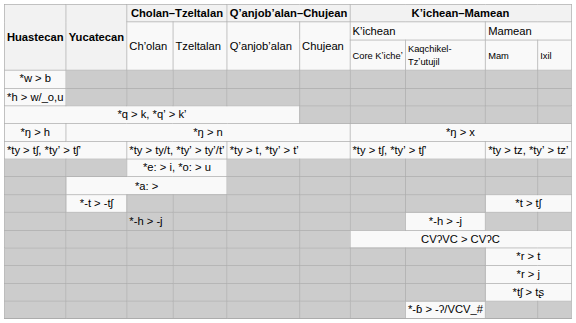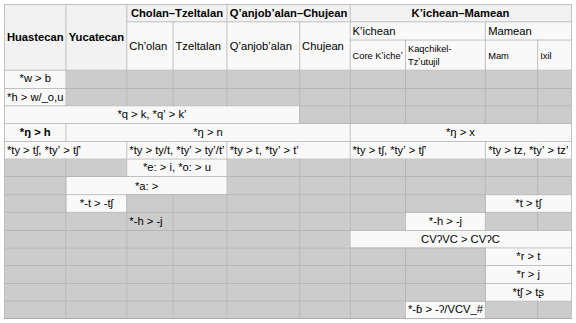 <table class="wikitable">
 <tr>
 <th rowspan="3">Huastecan</th>
 <th rowspan="3">Yucatecan</th>
 <th colspan="2">Cholan–Tzeltalan</th>
 <th colspan="2">Qʼanjobʼalan–Chujean</th>
 <th colspan="4">Kʼichean–Mamean</th>
 </tr>
 <tr>
 <td rowspan="2">Chʼolan</td>
 <td rowspan="2">Tzeltalan</td>
 <td rowspan="2">Qʼanjobʼalan</td>
 <td rowspan="2">Chujean</td>
 <td colspan="2">Kʼichean</td>
 <td colspan="2">Mamean</td>
 </tr>
 <tr>
 <td><small>Core Kʼicheʼ </small></td>
 <td><small>Kaqchikel-<br>Tzʼutujil</small></td>
 <td><small>Mam</small></td>
 <td><small>Ixil</small></td>
 </tr>
 <tr>
 <td align="center">*w > b</td>
 <td style="background:#ccc"></td>
 <td style="background:#ccc"></td>
 <td style="background:#ccc"></td>
 <td style="background:#ccc"></td>
 <td style="background:#ccc"></td>
 <td style="background:#ccc"></td>
 <td style="background:#ccc"></td>
 <td style="background:#ccc"></td>
 <td style="background:#ccc"></td>
 </tr>
 <tr>
 <td align="center">*h > w/_o,u</td>
 <td style="background:#ccc"></td>
 <td style="background:#ccc"></td>
 <td style="background:#ccc"></td>
 <td style="background:#ccc"></td>
 <td style="background:#ccc"></td>
 <td style="background:#ccc"></td>
 <td style="background:#ccc"></td>
 <td style="background:#ccc"></td>
 <td style="background:#ccc"></td>
 </tr>
 <tr>
 <td align="center" colspan="5">*q > k, *qʼ > kʼ</td>
 <td style="background:#ccc"></td>
 <td style="background:#ccc"></td>
 <td style="background:#ccc"></td>
 <td style="background:#ccc"></td>
 <td style="background:#ccc"></td>
 </tr>
 <tr>
-<td align="center">*ŋ > h</td>
+<td align="center"><strong>*ŋ > h</strong></td>
 <td align="center" colspan="5">*ŋ > n</td>
 <td align="center" colspan="4">*ŋ > x</td>
 </tr>
 <tr>
 <td colspan="2">*ty > tʃ, *tyʼ > tʃʼ</td>
 <td colspan="2">*ty > ty/t, *tyʼ > tyʼ/tʼ</td>
 <td colspan="2">*ty > t, *tyʼ > tʼ</td>
 <td colspan="2">*ty > tʃ, *tyʼ > tʃʼ</td>
 <td colspan="2">*ty > tz, *tyʼ > tzʼ</td>
 </tr>
 <tr>
 <td style="background:#ccc"></td>
 <td style="background:#ccc"></td>
 <td align="center" colspan="2">*e: > i, *o: > u</td>
 <td style="background:#ccc"></td>
 <td style="background:#ccc"></td>
 <td style="background:#ccc"></td>
 <td style="background:#ccc"></td>
 <td style="background:#ccc"></td>
 <td style="background:#ccc"></td>
 </tr>
 <tr>
 <td style="background:#ccc"></td>
 <td align="center" colspan="3">*a: > </td>
 <td style="background:#ccc"></td>
 <td style="background:#ccc"></td>
 <td style="background:#ccc"></td>
 <td style="background:#ccc"></td>
 <td style="background:#ccc"></td>
 <td style="background:#ccc"></td>
 </tr>
 <tr>
 <td style="background:#ccc"></td>
 <td align="center">*-t > -tʃ</td>
 <td style="background:#ccc"></td>
 <td style="background:#ccc"></td>
 <td style="background:#ccc"></td>
 <td style="background:#ccc"></td>
 <td style="background:#ccc"></td>
 <td style="background:#ccc"></td>
 <td align="center" colspan="2">*t > tʃ</td>
 </tr>
 <tr>
 <td style="background:#ccc"></td>
 <td style="background:#ccc"></td>
 <td style="background:#ccc">*-h > -j</td>
 <td style="background:#ccc"></td>
 <td style="background:#ccc"></td>
 <td style="background:#ccc"></td>
 <td style="background:#ccc"></td>
 <td align="center">*-h > -j</td>
 <td style="background:#ccc"></td>
 <td style="background:#ccc"></td>
 </tr>
 <tr>
 <td style="background:#ccc"></td>
 <td style="background:#ccc"></td>
 <td style="background:#ccc"></td>
 <td style="background:#ccc"></td>
 <td style="background:#ccc"></td>
 <td style="background:#ccc"></td>
 <td align="center" colspan="4">CVʔVC > CVʔC</td>
 </tr>
 <tr>
 <td style="background:#ccc"></td>
 <td style="background:#ccc"></td>
 <td style="background:#ccc"></td>
 <td style="background:#ccc"></td>
 <td style="background:#ccc"></td>
 <td style="background:#ccc"></td>
 <td style="background:#ccc"></td>
 <td style="background:#ccc"></td>
 <td align="center" colspan="2">*r > t</td>
 </tr>
 <tr>
 <td style="background:#ccc"></td>
 <td style="background:#ccc"></td>
 <td style="background:#ccc"></td>
 <td style="background:#ccc"></td>
 <td style="background:#ccc"></td>
 <td style="background:#ccc"></td>
 <td style="background:#ccc"></td>
 <td style="background:#ccc"></td>
 <td align="center" colspan="2">*r > j</td>
 </tr>
 <tr>
 <td style="background:#ccc"></td>
 <td style="background:#ccc"></td>
 <td style="background:#ccc"></td>
 <td style="background:#ccc"></td>
 <td style="background:#ccc"></td>
 <td style="background:#ccc"></td>
 <td style="background:#ccc"></td>
 <td style="background:#ccc"></td>
 <td align="center" colspan="2">*tʃ > tʂ</td>
 </tr>
 <tr>
 <td style="background:#ccc"></td>
 <td style="background:#ccc"></td>
 <td style="background:#ccc"></td>
 <td style="background:#ccc"></td>
 <td style="background:#ccc"></td>
 <td style="background:#ccc"></td>
 <td style="background:#ccc"></td>
 <td align="center">*-ɓ > -ʔ/VCV_#</td>
 <td style="background:#ccc"></td>
 <td style="background:#ccc"></td>
 </tr>
 <tr>
 </tr>
 </table>
